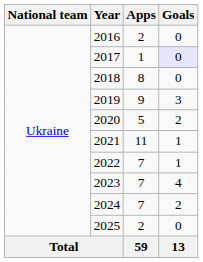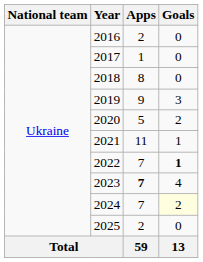 <table class="wikitable" style="text-align:center">
 <tr>
 <th>National team</th>
 <th>Year</th>
 <th>Apps</th>
 <th>Goals</th>
 </tr>
 <tr>
 <td rowspan="10"><a href='#'>Ukraine</a></td>
 <td>2016</td>
 <td>2</td>
 <td>0</td>
 </tr>
 <tr>
 <td>2017</td>
 <td>1</td>
-<td style="background: lavender;">0</td>
+<td>0</td>
 </tr>
 <tr>
 <td>2018</td>
 <td>8</td>
 <td>0</td>
 </tr>
 <tr>
 <td>2019</td>
 <td>9</td>
 <td>3</td>
 </tr>
 <tr>
 <td>2020</td>
 <td>5</td>
 <td>2</td>
 </tr>
 <tr>
 <td>2021</td>
 <td>11</td>
 <td>1</td>
 </tr>
 <tr>
 <td>2022</td>
 <td>7</td>
-<td>1</td>
+<td><strong>1</strong></td>
 </tr>
 <tr>
 <td>2023</td>
-<td>7</td>
+<td><strong>7</strong></td>
 <td>4</td>
 </tr>
 <tr>
 <td>2024</td>
 <td>7</td>
-<td>2</td>
+<td style="background: lightyellow;">2</td>
 </tr>
 <tr>
 <td>2025</td>
 <td>2</td>
 <td>0</td>
 </tr>
 <tr>
 <th colspan="2">Total</th>
 <th>59</th>
 <th>13</th>
 </tr>
 </table>
